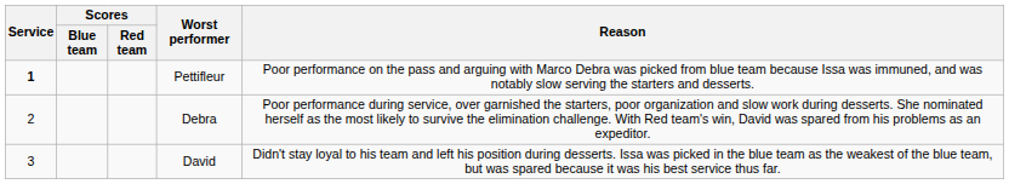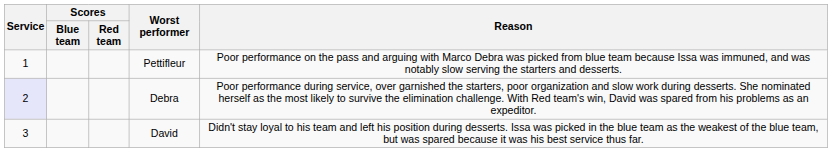 <table class="wikitable plainrowheaders" style="text-align:center;">
 <tr>
 <th rowspan="2">Service</th>
 <th colspan="2">Scores</th>
 <th rowspan="2">Worst performer</th>
 <th rowspan="2">Reason</th>
 </tr>
 <tr>
 <th>Blue team</th>
 <th>Red team</th>
 </tr>
 <tr>
-<td><strong>1</strong></td>
+<td>1</td>
 <td></td>
 <td></td>
 <td>Pettifleur</td>
 <td>Poor performance on the pass and arguing with Marco Debra was picked from blue team because Issa was immuned, and was notably slow serving the starters and desserts.</td>
 </tr>
 <tr>
-<td>2</td>
+<td style="background: lavender;">2</td>
 <td></td>
 <td></td>
 <td>Debra</td>
 <td>Poor performance during service, over garnished the starters, poor organization and slow work during desserts. She nominated herself as the most likely to survive the elimination challenge. With Red team's win, David was spared from his problems as an expeditor.</td>
 </tr>
 <tr>
 <td>3</td>
 <td></td>
 <td></td>
 <td>David</td>
 <td>Didn't stay loyal to his team and left his position during desserts. Issa was picked in the blue team as the weakest of the blue team, but was spared because it was his best service thus far.</td>
 </tr>
 </table>
